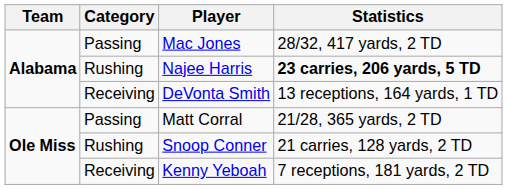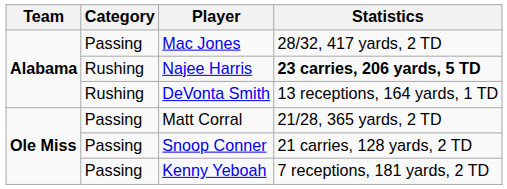 <table class="wikitable" style="float: right;">
 <tr>
 <th>Team</th>
 <th>Category</th>
 <th>Player</th>
 <th>Statistics</th>
 </tr>
 <tr>
 <td rowspan=3><strong>Alabama</strong></td>
 <td>Passing</td>
 <td><a href='#'>Mac Jones</a></td>
 <td>28/32, 417 yards, 2 TD</td>
 </tr>
 <tr>
 <td>Rushing</td>
 <td><a href='#'>Najee Harris</a></td>
 <td><strong>23 carries, 206 yards, 5 TD</strong></td>
 </tr>
 <tr>
-<td>Receiving</td>
+<td>Rushing</td>
 <td><a href='#'>DeVonta Smith</a></td>
 <td>13 receptions, 164 yards, 1 TD</td>
 </tr>
 <tr>
 <td rowspan=3><strong>Ole Miss</strong></td>
 <td>Passing</td>
 <td>Matt Corral</td>
 <td>21/28, 365 yards, 2 TD</td>
 </tr>
 <tr>
-<td>Rushing</td>
+<td>Passing</td>
 <td><a href='#'>Snoop Conner</a></td>
 <td>21 carries, 128 yards, 2 TD</td>
 </tr>
 <tr>
-<td>Receiving</td>
+<td>Passing</td>
 <td><a href='#'>Kenny Yeboah</a></td>
 <td>7 receptions, 181 yards, 2 TD</td>
 </tr>
 </table>
